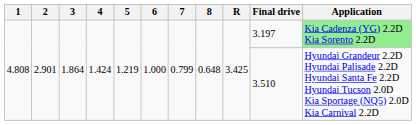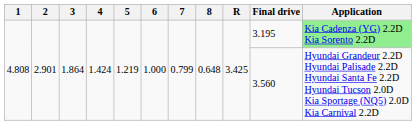 <table class=wikitable>
 <tr>
 <th>1</th>
 <th>2</th>
 <th>3</th>
 <th>4</th>
 <th>5</th>
 <th>6</th>
 <th>7</th>
 <th>8</th>
 <th>R</th>
 <th>Final drive</th>
 <th>Application</th>
 </tr>
 <tr>
 <td rowspan=2>4.808</td>
 <td rowspan=2>2.901</td>
 <td rowspan=2>1.864</td>
 <td rowspan=2>1.424</td>
 <td rowspan=2>1.219</td>
 <td rowspan=2>1.000</td>
 <td rowspan=2>0.799</td>
 <td rowspan=2>0.648</td>
 <td rowspan=2>3.425</td>
-<td>3.197</td>
+<td>3.195</td>
 <td style="background: lightgreen;"><a href='#'>Kia Cadenza (YG)</a> 2.2D<br><a href='#'>Kia Sorento</a> 2.2D</td>
 </tr>
 <tr>
-<td>3.510</td>
+<td>3.560</td>
 <td><a href='#'>Hyundai Grandeur</a> 2.2D<br><a href='#'>Hyundai Palisade</a> 2.2D<br><a href='#'>Hyundai Santa Fe</a> 2.2D<br><a href='#'>Hyundai Tucson</a> 2.0D<br><a href='#'>Kia Sportage (NQ5)</a> 2.0D<br><a href='#'>Kia Carnival</a> 2.2D</td>
 </tr>
 </table>
